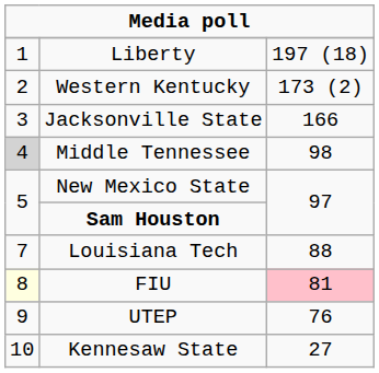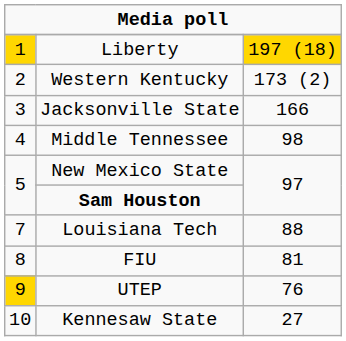 <table class="wikitable">
 <tr align="center">
 <td align="center" Colspan="3"><strong>Media poll</strong></td>
 </tr>
 <tr align="center">
 </tr>
 <tr align="center">
-<td>1</td>
+<td style="background: gold;">1</td>
 <td>Liberty</td>
-<td>197 (18)</td>
+<td style="background: gold;">197 (18)</td>
 </tr>
 <tr align="center">
 <td>2</td>
 <td>Western Kentucky</td>
 <td>173 (2)</td>
 </tr>
 <tr align="center">
 <td>3</td>
 <td>Jacksonville State</td>
 <td>166</td>
 </tr>
 <tr align="center">
-<td style="background: lightgrey;">4</td>
+<td>4</td>
 <td>Middle Tennessee</td>
 <td>98</td>
 </tr>
 <tr align="center">
 <td rowspan="2">5</td>
 <td>New Mexico State</td>
 <td rowspan="2">97</td>
 </tr>
 <tr align="center">
 <td><strong>Sam Houston</strong></td>
 </tr>
 <tr align="center">
 <td>7</td>
 <td>Louisiana Tech</td>
 <td>88</td>
 </tr>
 <tr align="center">
-<td style="background: lightyellow;">8</td>
+<td>8</td>
 <td>FIU</td>
-<td style="background: pink;">81</td>
+<td>81</td>
 </tr>
 <tr align="center">
-<td>9</td>
+<td style="background: gold;">9</td>
 <td>UTEP</td>
 <td>76</td>
 </tr>
 <tr align="center">
 <td>10</td>
 <td>Kennesaw State</td>
 <td>27</td>
 </tr>
 </table>
